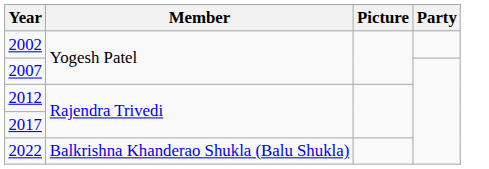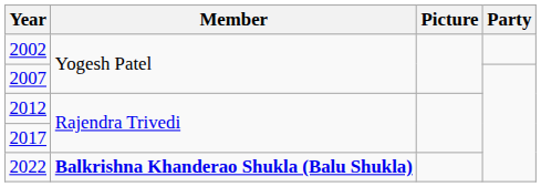 <table class="wikitable sortable">
 <tr>
 <th>Year</th>
 <th>Member</th>
 <th>Picture</th>
 <th colspan="2">Party</th>
 </tr>
 <tr>
 <td><a href='#'>2002</a></td>
 <td rowspan=2>Yogesh Patel</td>
 <td rowspan=2></td>
 <td></td>
 </tr>
 <tr>
 <td><a href='#'>2007</a></td>
 </tr>
 <tr>
 <td><a href='#'>2012</a></td>
 <td rowspan=2><a href='#'>Rajendra Trivedi</a></td>
 <td rowspan=2></td>
 </tr>
 <tr>
 <td><a href='#'>2017</a></td>
 </tr>
 <tr>
 <td><a href='#'>2022</a></td>
-<td><a href='#'>Balkrishna Khanderao Shukla (Balu Shukla)</a></td>
+<td><strong><a href='#'>Balkrishna Khanderao Shukla (Balu Shukla)</a></strong></td>
 <td></td>
 </tr>
 </table>
